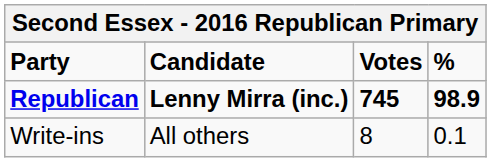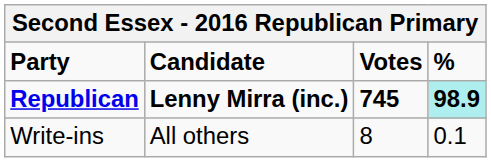 <table class="wikitable">
 <tr>
 <th colspan="4">Second Essex - 2016 Republican Primary</th>
 </tr>
 <tr>
 <td><strong>Party</strong></td>
 <td><strong>Candidate</strong></td>
 <td><strong>Votes</strong></td>
 <td><strong>%</strong></td>
 </tr>
 <tr>
 <td><strong><a href='#'>Republican</a></strong></td>
 <td><strong>Lenny Mirra (inc.)</strong></td>
 <td><strong>745</strong></td>
-<td><strong>98.9</strong></td>
+<td style="background: paleturquoise;"><strong>98.9</strong></td>
 </tr>
 <tr>
 <td>Write-ins</td>
 <td>All others</td>
 <td>8</td>
 <td>0.1</td>
 </tr>
 </table>
